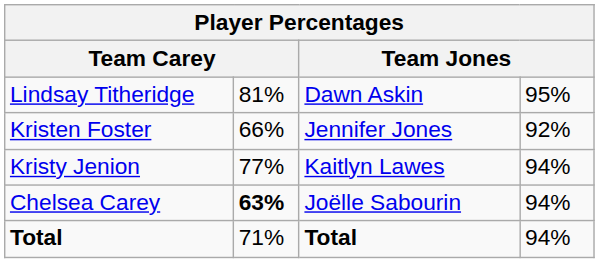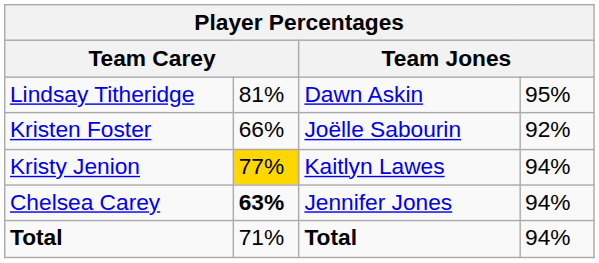 <table class="wikitable">
 <tr>
 <th colspan=4 width=400>Player Percentages</th>
 </tr>
 <tr>
 <th colspan=2 width=200> Team Carey</th>
 <th colspan=2 width=200> Team Jones</th>
 </tr>
 <tr>
 <td><a href='#'>Lindsay Titheridge</a></td>
 <td>81%</td>
 <td><a href='#'>Dawn Askin</a></td>
 <td>95%</td>
 </tr>
 <tr>
 <td><a href='#'>Kristen Foster</a></td>
 <td>66%</td>
-<td><a href='#'>Jennifer Jones</a></td>
+<td><a href='#'>Joëlle Sabourin</a></td>
 <td>92%</td>
 </tr>
 <tr>
 <td><a href='#'>Kristy Jenion</a></td>
-<td>77%</td>
+<td style="background: gold;">77%</td>
 <td><a href='#'>Kaitlyn Lawes</a></td>
 <td>94%</td>
 </tr>
 <tr>
 <td><a href='#'>Chelsea Carey</a></td>
 <td><strong>63%</strong></td>
-<td><a href='#'>Joëlle Sabourin</a></td>
+<td><a href='#'>Jennifer Jones</a></td>
 <td>94%</td>
 </tr>
 <tr>
 <td><strong>Total</strong></td>
 <td>71%</td>
 <td><strong>Total</strong></td>
 <td>94%</td>
 </tr>
 </table>
